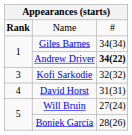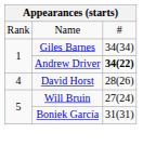 <table class="wikitable" style="text-align: center;">
 <tr>
 <th colspan="3">Appearances (starts)</th>
 </tr>
 <tr>
-<td><strong>Rank</strong></td>
+<td>Rank</td>
 <td>Name</td>
 <td>#</td>
 </tr>
 <tr>
 <td rowspan="2">1</td>
 <td><a href='#'>Giles Barnes</a></td>
 <td>34(34)</td>
 </tr>
 <tr>
 <td><a href='#'>Andrew Driver</a></td>
 <td><strong>34(22)</strong></td>
 </tr>
 <tr>
-<td>3</td>
-<td><a href='#'>Kofi Sarkodie</a></td>
-<td>32(32)</td>
-</tr>
-<tr>
 <td>4</td>
 <td><a href='#'>David Horst</a></td>
-<td>31(31)</td>
+<td>28(26)</td>
 </tr>
 <tr>
 <td rowspan="2">5</td>
 <td><a href='#'>Will Bruin</a></td>
 <td>27(24)</td>
 </tr>
 <tr>
 <td><a href='#'>Boniek García</a></td>
-<td>28(26)</td>
+<td>31(31)</td>
 </tr>
 </table>
